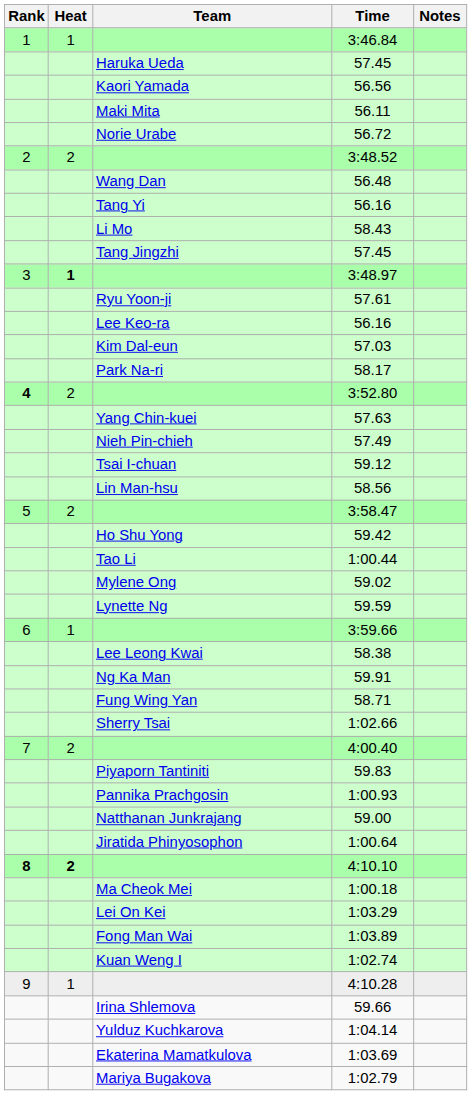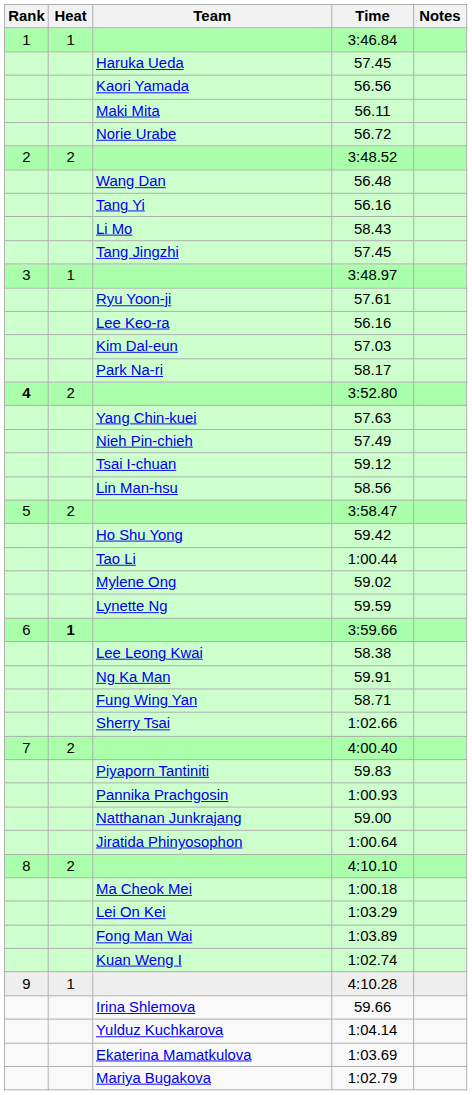 <table class="wikitable" style="text-align:center">
 <tr>
 <th width=40>Rank</th>
 <th width=40>Heat</th>
 <th width=250>Team</th>
 <th width=80>Time</th>
 <th width=50>Notes</th>
 </tr>
 <tr bgcolor="aaffaa">
 <td>1</td>
 <td>1</td>
 <td align=left></td>
 <td>3:46.84</td>
 <td></td>
 </tr>
 <tr bgcolor="ccffcc">
 <td></td>
 <td></td>
 <td align=left><a href='#'>Haruka Ueda</a></td>
 <td>57.45</td>
 <td></td>
 </tr>
 <tr bgcolor="ccffcc">
 <td></td>
 <td></td>
 <td align=left><a href='#'>Kaori Yamada</a></td>
 <td>56.56</td>
 <td></td>
 </tr>
 <tr bgcolor="ccffcc">
 <td></td>
 <td></td>
 <td align=left><a href='#'>Maki Mita</a></td>
 <td>56.11</td>
 <td></td>
 </tr>
 <tr bgcolor="ccffcc">
 <td></td>
 <td></td>
 <td align=left><a href='#'>Norie Urabe</a></td>
 <td>56.72</td>
 <td></td>
 </tr>
 <tr bgcolor="aaffaa">
 <td>2</td>
 <td>2</td>
 <td align=left></td>
 <td>3:48.52</td>
 <td></td>
 </tr>
 <tr bgcolor="ccffcc">
 <td></td>
 <td></td>
 <td align=left><a href='#'>Wang Dan</a></td>
 <td>56.48</td>
 <td></td>
 </tr>
 <tr bgcolor="ccffcc">
 <td></td>
 <td></td>
 <td align=left><a href='#'>Tang Yi</a></td>
 <td>56.16</td>
 <td></td>
 </tr>
 <tr bgcolor="ccffcc">
 <td></td>
 <td></td>
 <td align=left><a href='#'>Li Mo</a></td>
 <td>58.43</td>
 <td></td>
 </tr>
 <tr bgcolor="ccffcc">
 <td></td>
 <td></td>
 <td align=left><a href='#'>Tang Jingzhi</a></td>
 <td>57.45</td>
 <td></td>
 </tr>
 <tr bgcolor="aaffaa">
 <td>3</td>
-<td><strong>1</strong></td>
+<td>1</td>
 <td align=left></td>
 <td>3:48.97</td>
 <td></td>
 </tr>
 <tr bgcolor="ccffcc">
 <td></td>
 <td></td>
 <td align=left><a href='#'>Ryu Yoon-ji</a></td>
 <td>57.61</td>
 <td></td>
 </tr>
 <tr bgcolor="ccffcc">
 <td></td>
 <td></td>
 <td align=left><a href='#'>Lee Keo-ra</a></td>
 <td>56.16</td>
 <td></td>
 </tr>
 <tr bgcolor="ccffcc">
 <td></td>
 <td></td>
 <td align=left><a href='#'>Kim Dal-eun</a></td>
 <td>57.03</td>
 <td></td>
 </tr>
 <tr bgcolor="ccffcc">
 <td></td>
 <td></td>
 <td align=left><a href='#'>Park Na-ri</a></td>
 <td>58.17</td>
 <td></td>
 </tr>
 <tr bgcolor="aaffaa">
 <td><strong>4</strong></td>
 <td>2</td>
 <td align=left></td>
 <td>3:52.80</td>
 <td></td>
 </tr>
 <tr bgcolor="ccffcc">
 <td></td>
 <td></td>
 <td align=left><a href='#'>Yang Chin-kuei</a></td>
 <td>57.63</td>
 <td></td>
 </tr>
 <tr bgcolor="ccffcc">
 <td></td>
 <td></td>
 <td align=left><a href='#'>Nieh Pin-chieh</a></td>
 <td>57.49</td>
 <td></td>
 </tr>
 <tr bgcolor="ccffcc">
 <td></td>
 <td></td>
 <td align=left><a href='#'>Tsai I-chuan</a></td>
 <td>59.12</td>
 <td></td>
 </tr>
 <tr bgcolor="ccffcc">
 <td></td>
 <td></td>
 <td align=left><a href='#'>Lin Man-hsu</a></td>
 <td>58.56</td>
 <td></td>
 </tr>
 <tr bgcolor="aaffaa">
 <td>5</td>
 <td>2</td>
 <td align=left></td>
 <td>3:58.47</td>
 <td></td>
 </tr>
 <tr bgcolor="ccffcc">
 <td></td>
 <td></td>
 <td align=left><a href='#'>Ho Shu Yong</a></td>
 <td>59.42</td>
 <td></td>
 </tr>
 <tr bgcolor="ccffcc">
 <td></td>
 <td></td>
 <td align=left><a href='#'>Tao Li</a></td>
 <td>1:00.44</td>
 <td></td>
 </tr>
 <tr bgcolor="ccffcc">
 <td></td>
 <td></td>
 <td align=left><a href='#'>Mylene Ong</a></td>
 <td>59.02</td>
 <td></td>
 </tr>
 <tr bgcolor="ccffcc">
 <td></td>
 <td></td>
 <td align=left><a href='#'>Lynette Ng</a></td>
 <td>59.59</td>
 <td></td>
 </tr>
 <tr bgcolor="aaffaa">
 <td>6</td>
-<td>1</td>
+<td><strong>1</strong></td>
 <td align=left></td>
 <td>3:59.66</td>
 <td></td>
 </tr>
 <tr bgcolor="ccffcc">
 <td></td>
 <td></td>
 <td align=left><a href='#'>Lee Leong Kwai</a></td>
 <td>58.38</td>
 <td></td>
 </tr>
 <tr bgcolor="ccffcc">
 <td></td>
 <td></td>
 <td align=left><a href='#'>Ng Ka Man</a></td>
 <td>59.91</td>
 <td></td>
 </tr>
 <tr bgcolor="ccffcc">
 <td></td>
 <td></td>
 <td align=left><a href='#'>Fung Wing Yan</a></td>
 <td>58.71</td>
 <td></td>
 </tr>
 <tr bgcolor="ccffcc">
 <td></td>
 <td></td>
 <td align=left><a href='#'>Sherry Tsai</a></td>
 <td>1:02.66</td>
 <td></td>
 </tr>
 <tr bgcolor="aaffaa">
 <td>7</td>
 <td>2</td>
 <td align=left></td>
 <td>4:00.40</td>
 <td></td>
 </tr>
 <tr bgcolor="ccffcc">
 <td></td>
 <td></td>
 <td align=left><a href='#'>Piyaporn Tantiniti</a></td>
 <td>59.83</td>
 <td></td>
 </tr>
 <tr bgcolor="ccffcc">
 <td></td>
 <td></td>
 <td align=left><a href='#'>Pannika Prachgosin</a></td>
 <td>1:00.93</td>
 <td></td>
 </tr>
 <tr bgcolor="ccffcc">
 <td></td>
 <td></td>
 <td align=left><a href='#'>Natthanan Junkrajang</a></td>
 <td>59.00</td>
 <td></td>
 </tr>
 <tr bgcolor="ccffcc">
 <td></td>
 <td></td>
 <td align=left><a href='#'>Jiratida Phinyosophon</a></td>
 <td>1:00.64</td>
 <td></td>
 </tr>
 <tr bgcolor="aaffaa">
-<td><strong>8</strong></td>
-<td><strong>2</strong></td>
+<td>8</td>
+<td>2</td>
 <td align=left></td>
 <td>4:10.10</td>
 <td></td>
 </tr>
 <tr bgcolor="ccffcc">
 <td></td>
 <td></td>
 <td align=left><a href='#'>Ma Cheok Mei</a></td>
 <td>1:00.18</td>
 <td></td>
 </tr>
 <tr bgcolor="ccffcc">
 <td></td>
 <td></td>
 <td align=left><a href='#'>Lei On Kei</a></td>
 <td>1:03.29</td>
 <td></td>
 </tr>
 <tr bgcolor="ccffcc">
 <td></td>
 <td></td>
 <td align=left><a href='#'>Fong Man Wai</a></td>
 <td>1:03.89</td>
 <td></td>
 </tr>
 <tr bgcolor="ccffcc">
 <td></td>
 <td></td>
 <td align=left><a href='#'>Kuan Weng I</a></td>
 <td>1:02.74</td>
 <td></td>
 </tr>
 <tr bgcolor=eeeeee>
 <td>9</td>
 <td>1</td>
 <td align=left></td>
 <td>4:10.28</td>
 <td></td>
 </tr>
 <tr>
 <td></td>
 <td></td>
 <td align=left><a href='#'>Irina Shlemova</a></td>
 <td>59.66</td>
 <td></td>
 </tr>
 <tr>
 <td></td>
 <td></td>
 <td align=left><a href='#'>Yulduz Kuchkarova</a></td>
 <td>1:04.14</td>
 <td></td>
 </tr>
 <tr>
 <td></td>
 <td></td>
 <td align=left><a href='#'>Ekaterina Mamatkulova</a></td>
 <td>1:03.69</td>
 <td></td>
 </tr>
 <tr>
 <td></td>
 <td></td>
 <td align=left><a href='#'>Mariya Bugakova</a></td>
 <td>1:02.79</td>
 <td></td>
 </tr>
 </table>
